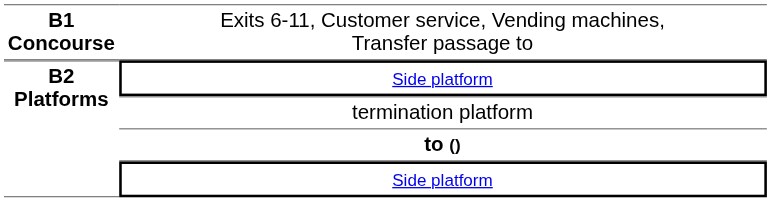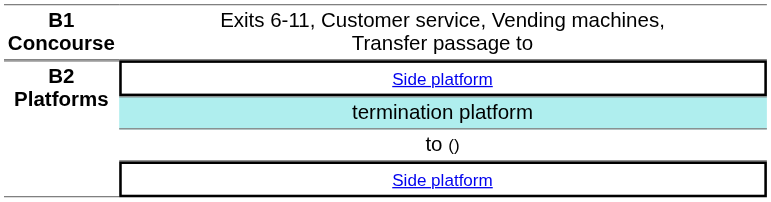 <table table border=0 cellspacing=0 cellpadding=3>
 <tr>
 <td style="border-bottom:solid 1px gray; border-top:solid 1px gray;text-align:center" valign=top><strong>B1<br>Concourse</strong></td>
 <td style="border-bottom:solid 1px gray; border-top:solid 1px gray;text-align:center;" valign=top width=500>Exits 6-11, Customer service, Vending machines,<br>Transfer passage to </td>
 </tr>
 <tr>
 <td style="border-bottom:solid 1px gray; border-top:solid 1px gray;text-align:center" rowspan="4" valign=top><strong>B2<br>Platforms</strong></td>
 <td style="border-right:solid 2px black;border-left:solid 2px black;border-top:solid 2px black;border-bottom:solid 2px black;text-align:center;" colspan=2><small><a href='#'>Side platform</a></small></td>
 </tr>
 <tr>
-<td style="border-bottom:solid 1px gray; border-top:solid 1px gray;text-align:center;">  termination platform</td>
+<td style="background: paleturquoise; border-bottom:solid 1px gray; border-top:solid 1px gray;text-align:center;">  termination platform</td>
 </tr>
 <tr>
-<td style="border-bottom:solid 1px gray;text-align:center;"><strong> to  <small>() </small></strong></td>
+<td style="border-bottom:solid 1px gray;text-align:center;"> to  <small>() </small></td>
 </tr>
 <tr>
 <td style="border-right:solid 2px black;border-left:solid 2px black;border-top:solid 2px black;border-bottom:solid 2px black;text-align:center;" colspan=2><small><a href='#'>Side platform</a></small></td>
 </tr>
 </table>
